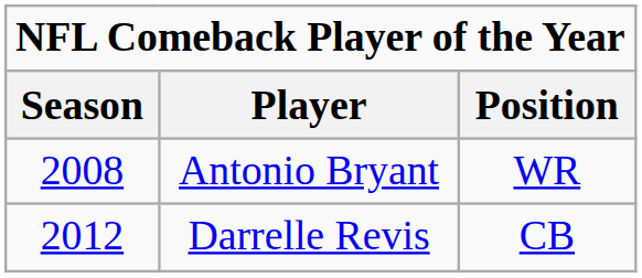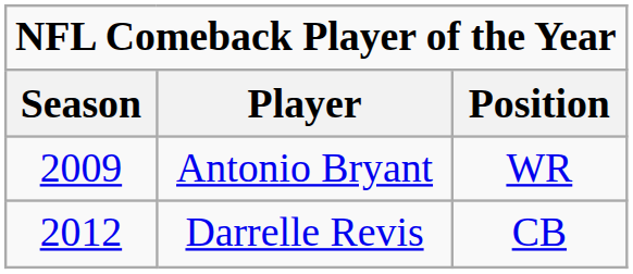 <table class="wikitable" style="text-align:center">
 <tr>
 <td colspan="3"><strong>NFL Comeback Player of the Year</strong></td>
 </tr>
 <tr>
 <th>Season</th>
 <th>Player</th>
 <th>Position</th>
 </tr>
 <tr>
-<td><a href='#'>2008</a></td>
+<td><a href='#'>2009</a></td>
 <td><a href='#'>Antonio Bryant</a></td>
 <td><a href='#'>WR</a></td>
 </tr>
 <tr>
 <td><a href='#'>2012</a></td>
 <td><a href='#'>Darrelle Revis</a></td>
 <td><a href='#'>CB</a></td>
 </tr>
 </table>
